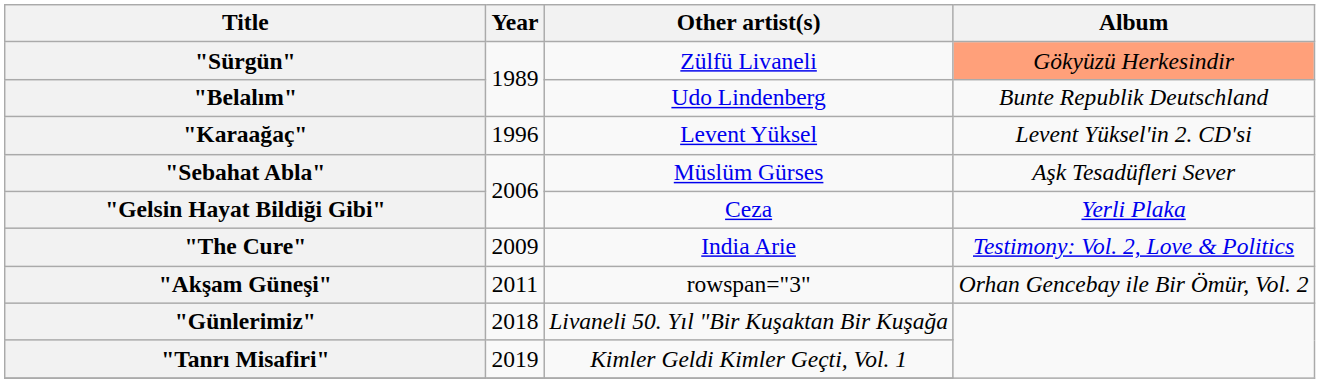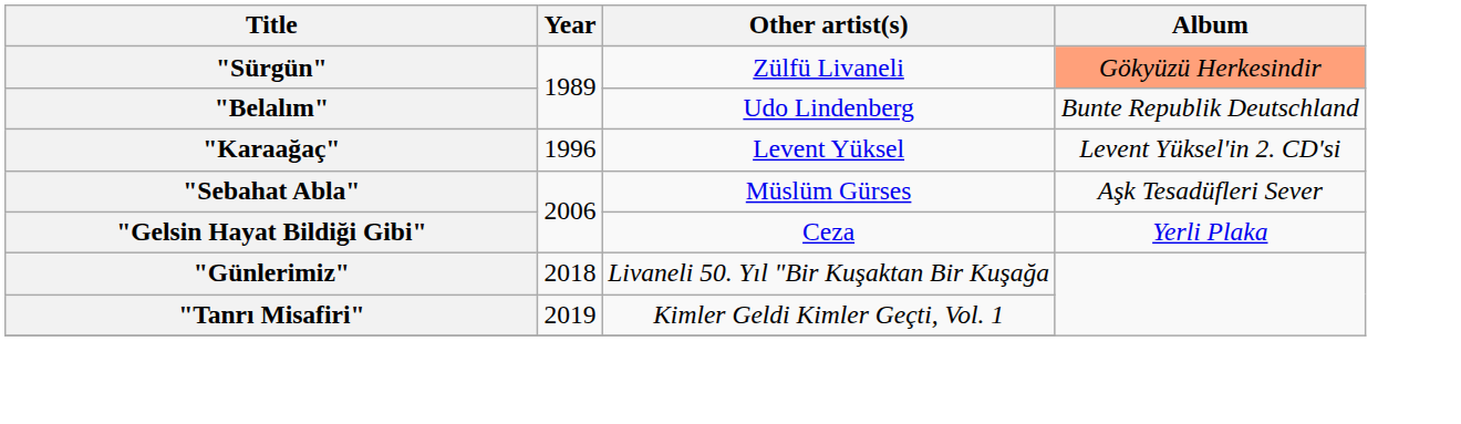 <table class="wikitable plainrowheaders" style="text-align:center;">
 <tr>
 <th scope="col" style="width:20em;">Title</th>
 <th scope="col">Year</th>
 <th scope="col">Other artist(s)</th>
 <th scope="col">Album</th>
 </tr>
 <tr>
 <th scope="row">"Sürgün"</th>
 <td rowspan="2">1989</td>
 <td><a href='#'>Zülfü Livaneli</a></td>
 <td style="background: lightsalmon;"><em>Gökyüzü Herkesindir</em></td>
 </tr>
 <tr>
 <th scope="row">"Belalım"</th>
 <td><a href='#'>Udo Lindenberg</a></td>
 <td><em>Bunte Republik Deutschland</em></td>
 </tr>
 <tr>
 <th scope="row">"Karaağaç"</th>
 <td>1996</td>
 <td><a href='#'>Levent Yüksel</a></td>
 <td><em>Levent Yüksel'in 2. CD'si</em></td>
 </tr>
 <tr>
 <th scope="row">"Sebahat Abla"</th>
 <td rowspan="2">2006</td>
 <td><a href='#'>Müslüm Gürses</a></td>
 <td><em>Aşk Tesadüfleri Sever</em></td>
 </tr>
 <tr>
 <th scope="row">"Gelsin Hayat Bildiği Gibi"</th>
 <td><a href='#'>Ceza</a></td>
 <td><em><a href='#'>Yerli Plaka</a></em></td>
 </tr>
 <tr>
-<th scope="row">"The Cure"</th>
-<td>2009</td>
-<td><a href='#'>India Arie</a></td>
-<td><em><a href='#'>Testimony: Vol. 2, Love & Politics</a></em></td>
-</tr>
-<tr>
-<th scope="row">"Akşam Güneşi"</th>
-<td>2011</td>
-<td>rowspan="3" </td>
-<td><em>Orhan Gencebay ile Bir Ömür, Vol. 2 </em></td>
-</tr>
-<tr>
 <th scope="row">"Günlerimiz"</th>
 <td>2018</td>
 <td><em>Livaneli 50. Yıl "Bir Kuşaktan Bir Kuşağa</em></td>
 </tr>
 <tr>
 <th scope="row">"Tanrı Misafiri"</th>
 <td>2019</td>
 <td><em>Kimler Geldi Kimler Geçti, Vol. 1</em></td>
 </tr>
 <tr>
 </tr>
 </table>
